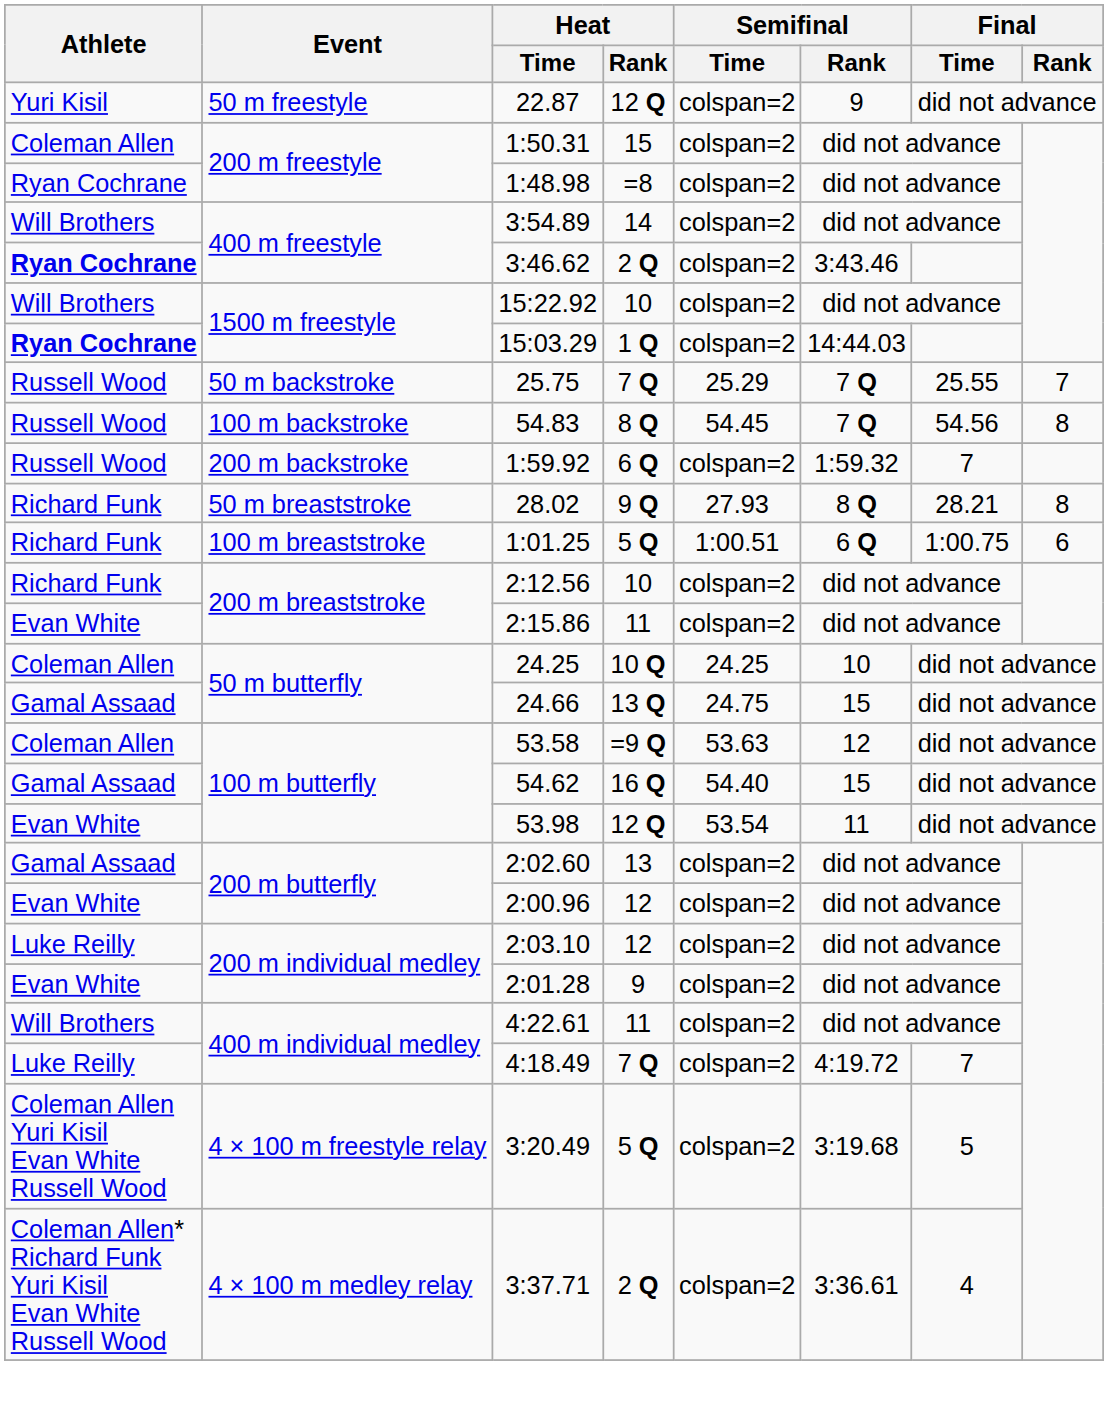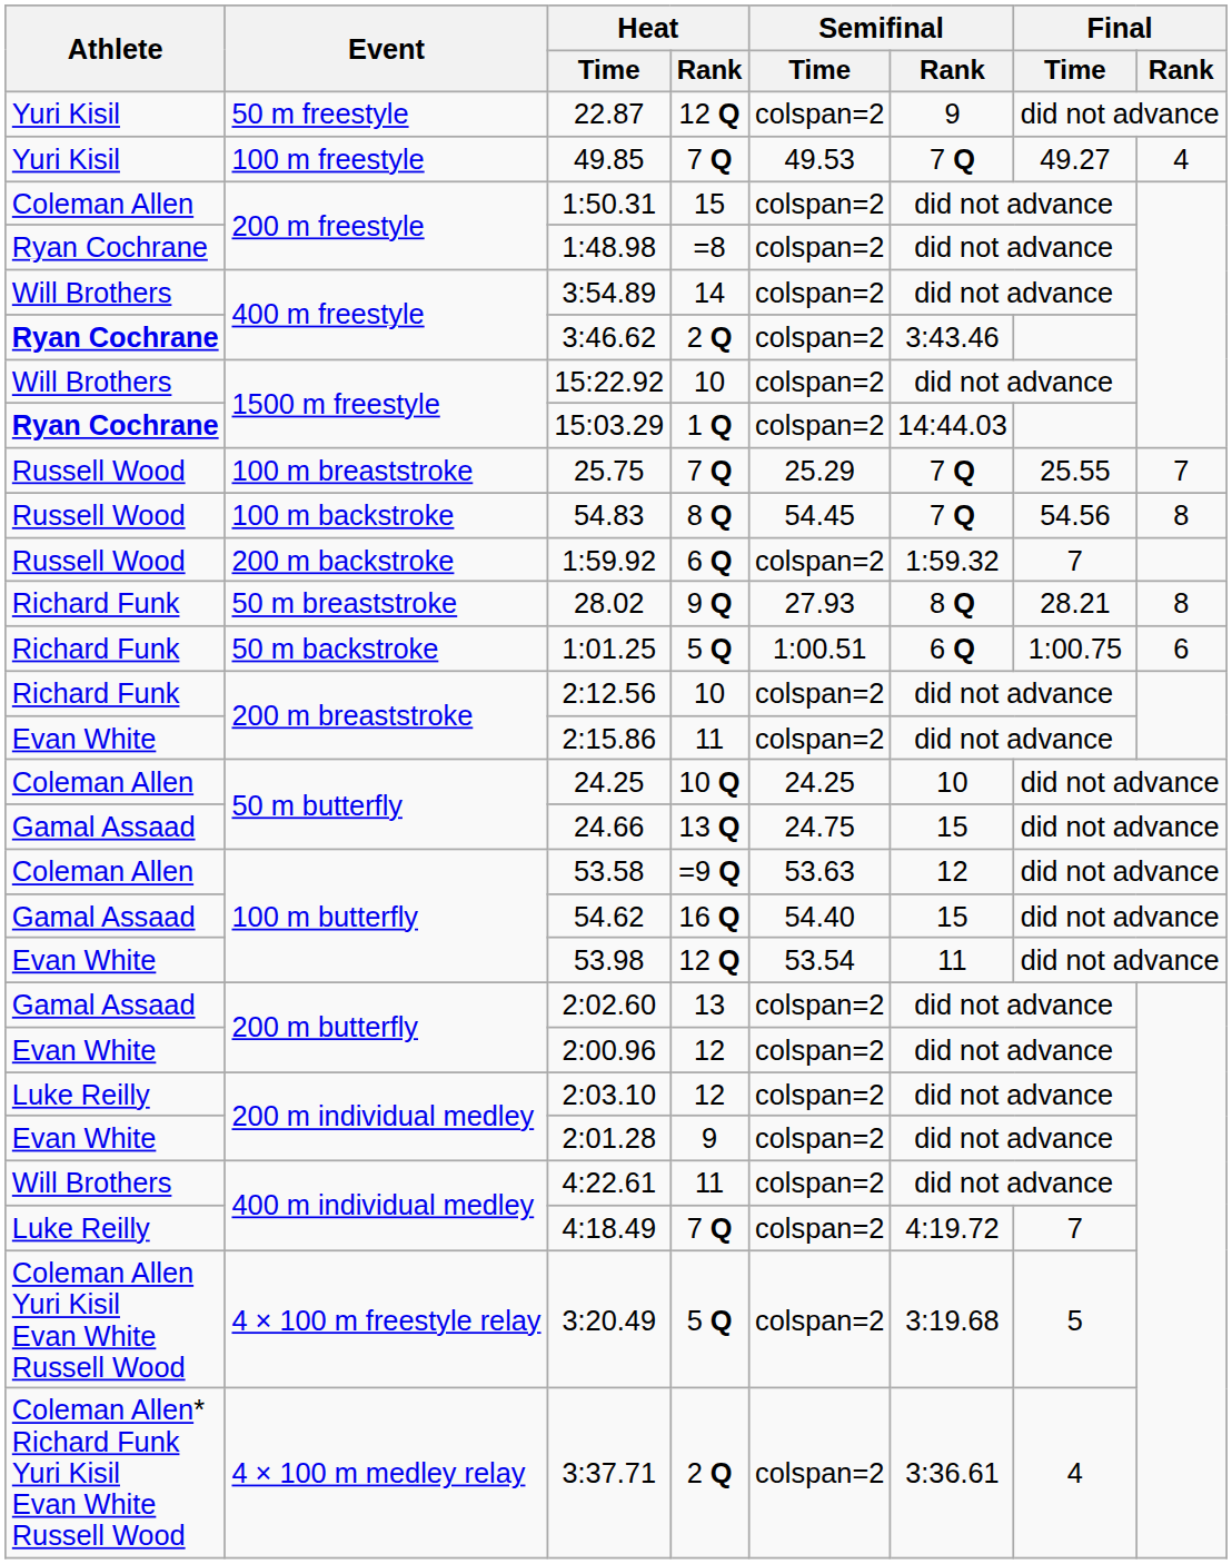 <table class=wikitable style=font-size:90%>
 <tr>
 <th rowspan=2>Athlete</th>
 <th rowspan=2>Event</th>
 <th colspan=2>Heat</th>
 <th colspan=2>Semifinal</th>
 <th colspan=2>Final</th>
 </tr>
 <tr style=font-size:95%>
 <th>Time</th>
 <th>Rank</th>
 <th>Time</th>
 <th>Rank</th>
 <th>Time</th>
 <th>Rank</th>
 </tr>
 <tr align=center>
 <td align=left><a href='#'>Yuri Kisil</a></td>
 <td align=left><a href='#'>50 m freestyle</a></td>
 <td>22.87</td>
 <td>12 <strong>Q</strong></td>
 <td>colspan=2 </td>
 <td>9</td>
 <td colspan=2>did not advance</td>
+</tr>
+<tr align=center>
+<td align=left><a href='#'>Yuri Kisil</a></td>
+<td align=left><a href='#'>100 m freestyle</a></td>
+<td>49.85</td>
+<td>7 <strong>Q</strong></td>
+<td>49.53</td>
+<td>7 <strong>Q</strong></td>
+<td>49.27</td>
+<td>4</td>
 </tr>
 <tr align=center>
 <td align=left><a href='#'>Coleman Allen</a></td>
 <td align=left rowspan=2><a href='#'>200 m freestyle</a></td>
 <td>1:50.31</td>
 <td>15</td>
 <td>colspan=2 </td>
 <td colspan=2>did not advance</td>
 </tr>
 <tr align=center>
 <td align=left><a href='#'>Ryan Cochrane</a></td>
 <td>1:48.98</td>
 <td>=8</td>
 <td>colspan=2 </td>
 <td colspan=2>did not advance</td>
 </tr>
 <tr align=center>
 <td align=left><a href='#'>Will Brothers</a></td>
 <td align=left rowspan=2><a href='#'>400 m freestyle</a></td>
 <td>3:54.89</td>
 <td>14</td>
 <td>colspan=2 </td>
 <td colspan=2>did not advance</td>
 </tr>
 <tr align=center>
 <td align=left><strong><a href='#'>Ryan Cochrane</a></strong></td>
 <td>3:46.62</td>
 <td>2 <strong>Q</strong></td>
 <td>colspan=2 </td>
 <td>3:43.46</td>
 <td></td>
 </tr>
 <tr align=center>
 <td align=left><a href='#'>Will Brothers</a></td>
 <td align=left rowspan=2><a href='#'>1500 m freestyle</a></td>
 <td>15:22.92</td>
 <td>10</td>
 <td>colspan=2 </td>
 <td colspan=2>did not advance</td>
 </tr>
 <tr align=center>
 <td align=left><strong><a href='#'>Ryan Cochrane</a></strong></td>
 <td>15:03.29</td>
 <td>1 <strong>Q</strong></td>
 <td>colspan=2 </td>
 <td>14:44.03</td>
 <td></td>
 </tr>
 <tr align=center>
 <td align=left><a href='#'>Russell Wood</a></td>
-<td align=left><a href='#'>50 m backstroke</a></td>
+<td align=left><a href='#'>100 m breaststroke</a></td>
 <td>25.75</td>
 <td>7 <strong>Q</strong></td>
 <td>25.29</td>
 <td>7 <strong>Q</strong></td>
 <td>25.55</td>
 <td>7</td>
 </tr>
 <tr align=center>
 <td align=left><a href='#'>Russell Wood</a></td>
 <td align=left><a href='#'>100 m backstroke</a></td>
 <td>54.83</td>
 <td>8 <strong>Q</strong></td>
 <td>54.45</td>
 <td>7 <strong>Q</strong></td>
 <td>54.56</td>
 <td>8</td>
 </tr>
 <tr align=center>
 <td align=left><a href='#'>Russell Wood</a></td>
 <td align=left><a href='#'>200 m backstroke</a></td>
 <td>1:59.92</td>
 <td>6 <strong>Q</strong></td>
 <td>colspan=2 </td>
 <td>1:59.32</td>
 <td>7</td>
 </tr>
 <tr align=center>
 <td align=left><a href='#'>Richard Funk</a></td>
 <td align=left><a href='#'>50 m breaststroke</a></td>
 <td>28.02</td>
 <td>9 <strong>Q</strong></td>
 <td>27.93</td>
 <td>8 <strong>Q</strong></td>
 <td>28.21</td>
 <td>8</td>
 </tr>
 <tr align=center>
 <td align=left><a href='#'>Richard Funk</a></td>
-<td align=left><a href='#'>100 m breaststroke</a></td>
+<td align=left><a href='#'>50 m backstroke</a></td>
 <td>1:01.25</td>
 <td>5 <strong>Q</strong></td>
 <td>1:00.51</td>
 <td>6 <strong>Q</strong></td>
 <td>1:00.75</td>
 <td>6</td>
 </tr>
 <tr align=center>
 <td align=left><a href='#'>Richard Funk</a></td>
 <td align=left rowspan=2><a href='#'>200 m breaststroke</a></td>
 <td>2:12.56</td>
 <td>10</td>
 <td>colspan=2 </td>
 <td colspan=2>did not advance</td>
 </tr>
 <tr align=center>
 <td align=left><a href='#'>Evan White</a></td>
 <td>2:15.86</td>
 <td>11</td>
 <td>colspan=2 </td>
 <td colspan=2>did not advance</td>
 </tr>
 <tr align=center>
 <td align=left><a href='#'>Coleman Allen</a></td>
 <td align=left rowspan=2><a href='#'>50 m butterfly</a></td>
 <td>24.25</td>
 <td>10 <strong>Q</strong></td>
 <td>24.25</td>
 <td>10</td>
 <td colspan=2>did not advance</td>
 </tr>
 <tr align=center>
 <td align=left><a href='#'>Gamal Assaad</a></td>
 <td>24.66</td>
 <td>13 <strong>Q</strong></td>
 <td>24.75</td>
 <td>15</td>
 <td colspan=2>did not advance</td>
 </tr>
 <tr align=center>
 <td align=left><a href='#'>Coleman Allen</a></td>
 <td align=left rowspan=3><a href='#'>100 m butterfly</a></td>
 <td>53.58</td>
 <td>=9 <strong>Q</strong></td>
 <td>53.63</td>
 <td>12</td>
 <td colspan=2>did not advance</td>
 </tr>
 <tr align=center>
 <td align=left><a href='#'>Gamal Assaad</a></td>
 <td>54.62</td>
 <td>16 <strong>Q</strong></td>
 <td>54.40</td>
 <td>15</td>
 <td colspan=2>did not advance</td>
 </tr>
 <tr align=center>
 <td align=left><a href='#'>Evan White</a></td>
 <td>53.98</td>
 <td>12 <strong>Q</strong></td>
 <td>53.54</td>
 <td>11</td>
 <td colspan=2>did not advance</td>
 </tr>
 <tr align=center>
 <td align=left><a href='#'>Gamal Assaad</a></td>
 <td align=left rowspan=2><a href='#'>200 m butterfly</a></td>
 <td>2:02.60</td>
 <td>13</td>
 <td>colspan=2 </td>
 <td colspan=2>did not advance</td>
 </tr>
 <tr align=center>
 <td align=left><a href='#'>Evan White</a></td>
 <td>2:00.96</td>
 <td>12</td>
 <td>colspan=2 </td>
 <td colspan=2>did not advance</td>
 </tr>
 <tr align=center>
 <td align=left><a href='#'>Luke Reilly</a></td>
 <td align=left rowspan=2><a href='#'>200 m individual medley</a></td>
 <td>2:03.10</td>
 <td>12</td>
 <td>colspan=2 </td>
 <td colspan=2>did not advance</td>
 </tr>
 <tr align=center>
 <td align=left><a href='#'>Evan White</a></td>
 <td>2:01.28</td>
 <td>9</td>
 <td>colspan=2 </td>
 <td colspan=2>did not advance</td>
 </tr>
 <tr align=center>
 <td align=left><a href='#'>Will Brothers</a></td>
 <td align=left rowspan=2><a href='#'>400 m individual medley</a></td>
 <td>4:22.61</td>
 <td>11</td>
 <td>colspan=2 </td>
 <td colspan=2>did not advance</td>
 </tr>
 <tr align=center>
 <td align=left><a href='#'>Luke Reilly</a></td>
 <td>4:18.49</td>
 <td>7 <strong>Q</strong></td>
 <td>colspan=2 </td>
 <td>4:19.72</td>
 <td>7</td>
 </tr>
 <tr align=center>
 <td align=left><a href='#'>Coleman Allen</a><br><a href='#'>Yuri Kisil</a><br><a href='#'>Evan White</a><br><a href='#'>Russell Wood</a></td>
 <td align=left><a href='#'>4 × 100 m freestyle relay</a></td>
 <td>3:20.49</td>
 <td>5 <strong>Q</strong></td>
 <td>colspan=2 </td>
 <td>3:19.68</td>
 <td>5</td>
 </tr>
 <tr align=center>
 <td align=left><a href='#'>Coleman Allen</a>*<br><a href='#'>Richard Funk</a><br><a href='#'>Yuri Kisil</a><br><a href='#'>Evan White</a><br><a href='#'>Russell Wood</a></td>
 <td align=left><a href='#'>4 × 100 m medley relay</a></td>
 <td>3:37.71</td>
 <td>2 <strong>Q</strong></td>
 <td>colspan=2 </td>
 <td>3:36.61</td>
 <td>4</td>
 </tr>
 </table>
